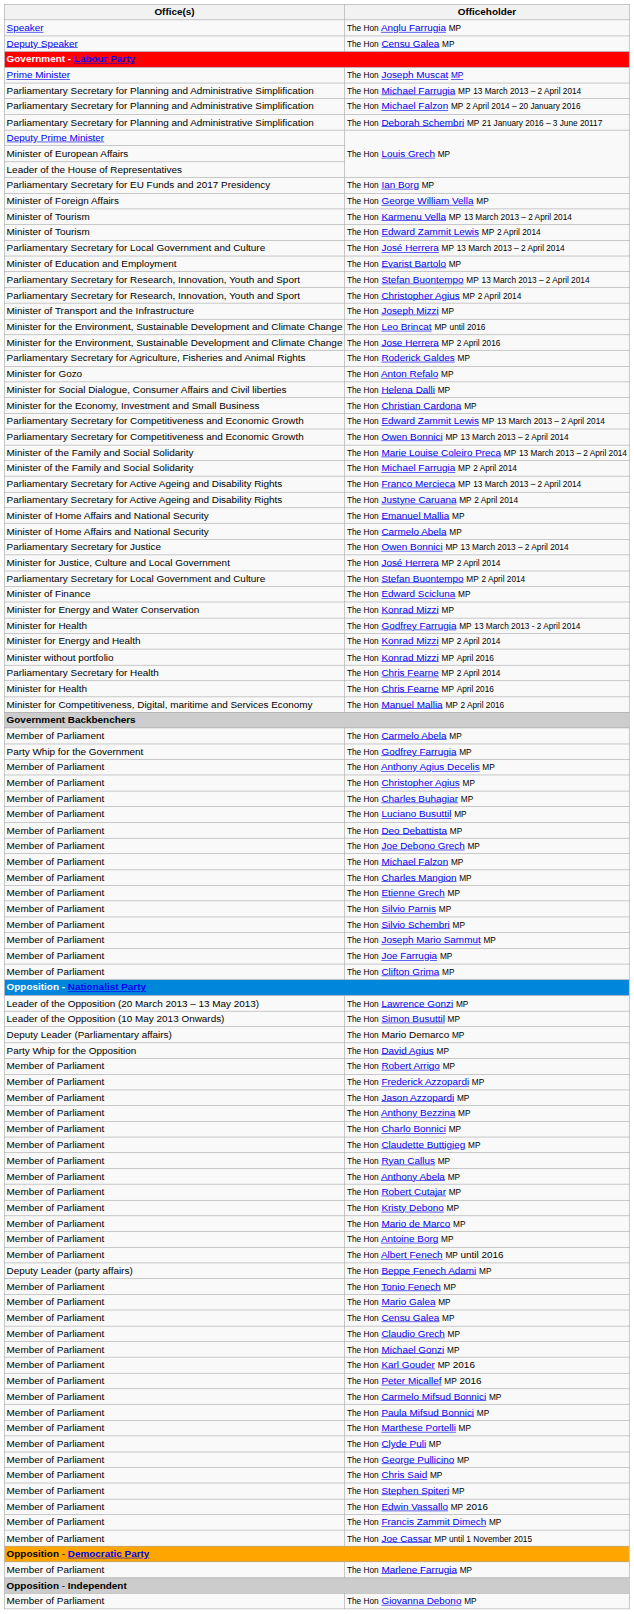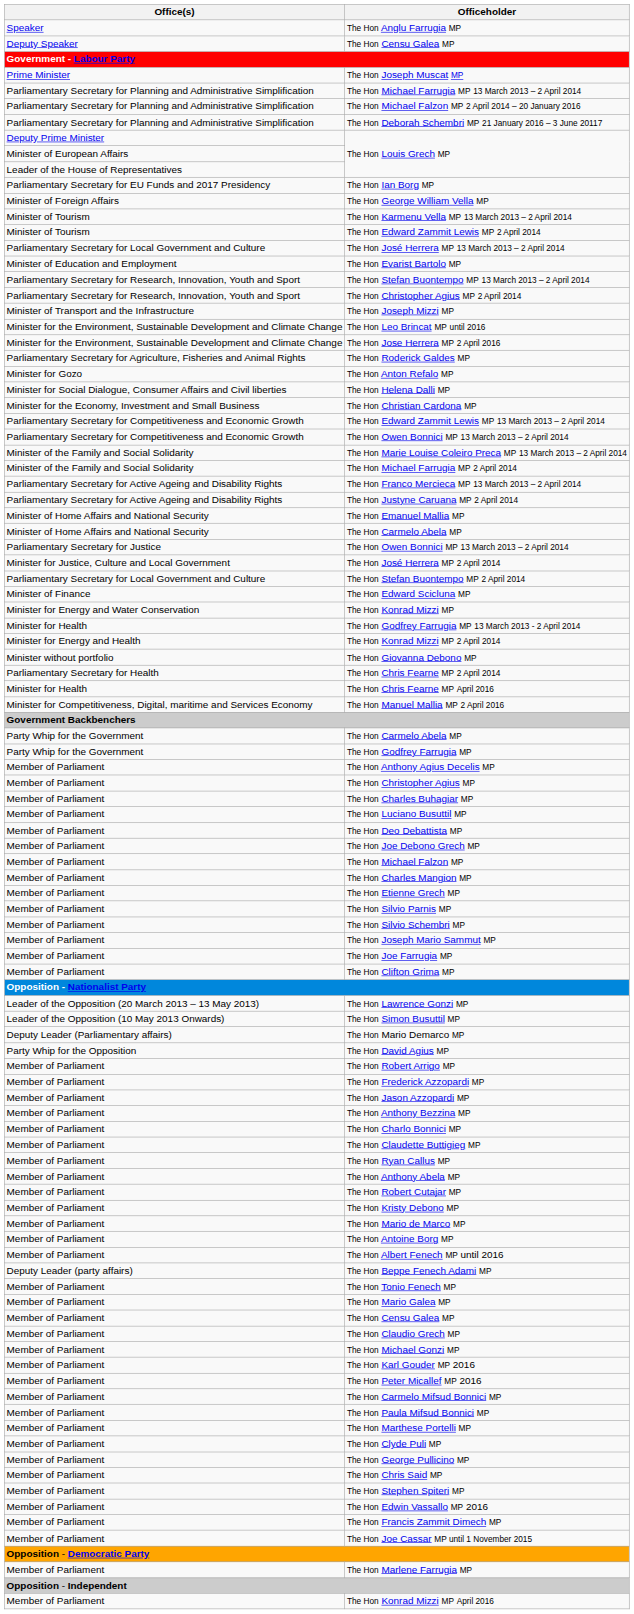 <table class="wikitable">
 <tr>
 <th>Office(s)</th>
 <th>Officeholder</th>
 </tr>
 <tr>
 <td><a href='#'>Speaker</a></td>
 <td><small>The Hon</small> <a href='#'>Anglu Farrugia</a> <small>MP</small></td>
 </tr>
 <tr>
 <td><a href='#'>Deputy Speaker</a></td>
 <td><small>The Hon</small> <a href='#'>Censu Galea</a> <small>MP</small></td>
 </tr>
 <tr>
 <td style="background:#f00; color:white;" colspan="2"><strong>Government - <a href='#'>Labour Party</a></strong></td>
 </tr>
 <tr>
 <td><a href='#'>Prime Minister</a></td>
 <td><small>The Hon</small>  <a href='#'>Joseph Muscat</a> <small><a href='#'>MP</a></small></td>
 </tr>
 <tr>
 <td>Parliamentary Secretary for Planning and Administrative Simplification</td>
 <td><small>The Hon</small> <a href='#'>Michael Farrugia</a> <small>MP</small> <small>13 March 2013 – 2 April 2014</small></td>
 </tr>
 <tr>
 <td>Parliamentary Secretary for Planning and Administrative Simplification</td>
 <td><small>The Hon</small> <a href='#'>Michael Falzon</a> <small>MP</small> <small>2 April 2014 – 20 January 2016</small></td>
 </tr>
 <tr>
 <td>Parliamentary Secretary for Planning and Administrative Simplification</td>
 <td><small>The Hon</small> <a href='#'>Deborah Schembri</a> <small>MP</small> <small>21 January 2016 – 3 June 20117 </small></td>
 </tr>
 <tr>
 <td><a href='#'>Deputy Prime Minister</a></td>
 <td rowspan="3"><small>The Hon</small> <a href='#'>Louis Grech</a> <small>MP</small></td>
 </tr>
 <tr>
 <td>Minister of European Affairs</td>
 </tr>
 <tr>
 <td>Leader of the House of Representatives</td>
 </tr>
 <tr>
 <td>Parliamentary Secretary for EU Funds and 2017 Presidency</td>
 <td><small>The Hon</small> <a href='#'>Ian Borg</a> <small>MP</small></td>
 </tr>
 <tr>
 <td>Minister of Foreign Affairs</td>
 <td><small>The Hon</small> <a href='#'>George William Vella</a> <small>MP</small></td>
 </tr>
 <tr>
 <td>Minister of Tourism</td>
 <td><small>The Hon</small> <a href='#'>Karmenu Vella</a> <small>MP</small> <small>13 March 2013 – 2 April 2014</small></td>
 </tr>
 <tr>
 <td>Minister of Tourism</td>
 <td><small>The Hon</small> <a href='#'>Edward Zammit Lewis</a> <small>MP</small> <small>2 April 2014</small></td>
 </tr>
 <tr>
 <td>Parliamentary Secretary for Local Government and Culture</td>
 <td><small>The Hon</small> <a href='#'>José Herrera</a> <small>MP</small> <small>13 March 2013 – 2 April 2014</small></td>
 </tr>
 <tr>
 <td>Minister of Education and Employment</td>
 <td><small>The Hon</small> <a href='#'>Evarist Bartolo</a> <small>MP</small></td>
 </tr>
 <tr>
 <td>Parliamentary Secretary for Research, Innovation, Youth and Sport</td>
 <td><small>The Hon</small> <a href='#'>Stefan Buontempo</a> <small>MP</small> <small>13 March 2013 – 2 April 2014</small></td>
 </tr>
 <tr>
 <td>Parliamentary Secretary for Research, Innovation, Youth and Sport</td>
 <td><small>The Hon</small> <a href='#'>Christopher Agius</a> <small>MP</small> <small>2 April 2014</small></td>
 </tr>
 <tr>
 <td>Minister of Transport and the Infrastructure</td>
 <td><small>The Hon</small> <a href='#'>Joseph Mizzi</a> <small>MP</small></td>
 </tr>
 <tr>
 <td>Minister for the Environment, Sustainable Development and Climate Change</td>
 <td><small>The Hon</small> <a href='#'>Leo Brincat</a> <small>MP</small> <small>until 2016</small></td>
 </tr>
 <tr>
 <td>Minister for the Environment, Sustainable Development and Climate Change</td>
 <td><small>The Hon</small> <a href='#'>Jose Herrera</a> <small>MP</small> <small>2 April 2016</small></td>
 </tr>
 <tr>
 <td>Parliamentary Secretary for Agriculture, Fisheries and Animal Rights</td>
 <td><small>The Hon</small> <a href='#'>Roderick Galdes</a> <small>MP</small></td>
 </tr>
 <tr>
 <td>Minister for Gozo</td>
 <td><small>The Hon</small> <a href='#'>Anton Refalo</a> <small>MP</small></td>
 </tr>
 <tr>
 <td>Minister for Social Dialogue, Consumer Affairs and Civil liberties</td>
 <td><small>The Hon</small> <a href='#'>Helena Dalli</a> <small>MP</small></td>
 </tr>
 <tr>
 <td>Minister for the Economy, Investment and Small Business</td>
 <td><small>The Hon</small> <a href='#'>Christian Cardona</a> <small>MP</small></td>
 </tr>
 <tr>
 <td>Parliamentary Secretary for Competitiveness and Economic Growth</td>
 <td><small>The Hon</small> <a href='#'>Edward Zammit Lewis</a> <small>MP</small> <small>13 March 2013 – 2 April 2014</small></td>
 </tr>
 <tr>
 <td>Parliamentary Secretary for Competitiveness and Economic Growth</td>
 <td><small>The Hon</small> <a href='#'>Owen Bonnici</a> <small>MP</small> <small>13 March 2013 – 2 April 2014</small></td>
 </tr>
 <tr>
 <td>Minister of the Family and Social Solidarity</td>
 <td><small>The Hon</small> <a href='#'>Marie Louise Coleiro Preca</a> <small>MP</small> <small>13 March 2013 – 2 April 2014</small></td>
 </tr>
 <tr>
 <td>Minister of the Family and Social Solidarity</td>
 <td><small>The Hon</small> <a href='#'>Michael Farrugia</a> <small>MP</small> <small>2 April 2014</small></td>
 </tr>
 <tr>
 <td>Parliamentary Secretary for Active Ageing and Disability Rights</td>
 <td><small>The Hon</small> <a href='#'>Franco Mercieca</a> <small>MP</small> <small>13 March 2013 – 2 April 2014</small></td>
 </tr>
 <tr>
 <td>Parliamentary Secretary for Active Ageing and Disability Rights</td>
 <td><small>The Hon</small> <a href='#'>Justyne Caruana</a> <small>MP</small> <small>2 April 2014</small></td>
 </tr>
 <tr>
 <td>Minister of Home Affairs and National Security</td>
 <td><small>The Hon</small> <a href='#'>Emanuel Mallia</a> <small>MP</small></td>
 </tr>
 <tr>
 <td>Minister of Home Affairs and National Security</td>
 <td><small>The Hon</small> <a href='#'>Carmelo Abela</a> <small>MP</small></td>
 </tr>
 <tr>
 <td>Parliamentary Secretary for Justice</td>
 <td><small>The Hon</small> <a href='#'>Owen Bonnici</a> <small>MP</small> <small>13 March 2013 – 2 April 2014</small></td>
 </tr>
 <tr>
 <td>Minister for Justice, Culture and Local Government</td>
 <td><small>The Hon</small> <a href='#'>José Herrera</a> <small>MP</small> <small>2 April 2014</small></td>
 </tr>
 <tr>
 <td>Parliamentary Secretary for Local Government and Culture</td>
 <td><small>The Hon</small> <a href='#'>Stefan Buontempo</a> <small>MP</small> <small>2 April 2014</small></td>
 </tr>
 <tr>
 <td>Minister of Finance</td>
 <td><small>The Hon</small> <a href='#'>Edward Scicluna</a> <small>MP</small></td>
 </tr>
 <tr>
 <td>Minister for Energy and Water Conservation</td>
 <td><small>The Hon</small> <a href='#'>Konrad Mizzi</a> <small>MP</small></td>
 </tr>
 <tr>
 <td>Minister for Health</td>
 <td><small>The Hon</small> <a href='#'>Godfrey Farrugia</a> <small>MP</small> <small>13 March 2013 - 2 April 2014</small></td>
 </tr>
 <tr>
 <td>Minister for Energy and Health</td>
 <td><small>The Hon</small> <a href='#'>Konrad Mizzi</a> <small>MP</small> <small>2 April 2014</small></td>
 </tr>
 <tr>
 <td>Minister without portfolio</td>
-<td><small>The Hon</small> <a href='#'>Konrad Mizzi</a> <small>MP</small> <small>April 2016</small></td>
+<td><small>The Hon</small> <a href='#'>Giovanna Debono</a> <small>MP</small></td>
 </tr>
 <tr>
 <td>Parliamentary Secretary for Health</td>
 <td><small>The Hon</small> <a href='#'>Chris Fearne</a> <small>MP</small> <small>2 April 2014</small></td>
 </tr>
 <tr>
 <td>Minister for Health</td>
 <td><small>The Hon</small> <a href='#'>Chris Fearne</a> <small>MP</small> <small>April 2016</small></td>
 </tr>
 <tr>
 <td>Minister for Competitiveness, Digital, maritime and Services Economy</td>
 <td><small>The Hon</small> <a href='#'>Manuel Mallia</a> <small>MP</small> <small>2 April 2016</small></td>
 </tr>
 <tr>
 <td style="background:#ccc;" colspan="2"><strong>Government Backbenchers</strong></td>
 </tr>
 <tr>
-<td>Member of Parliament</td>
+<td>Party Whip for the Government</td>
 <td><small>The Hon</small> <a href='#'>Carmelo Abela</a> <small>MP</small></td>
 </tr>
 <tr>
 <td>Party Whip for the Government</td>
 <td><small>The Hon</small> <a href='#'>Godfrey Farrugia</a> <small>MP</small></td>
 </tr>
 <tr>
 <td>Member of Parliament</td>
 <td><small>The Hon</small> <a href='#'>Anthony Agius Decelis</a> <small>MP</small></td>
 </tr>
 <tr>
 <td>Member of Parliament</td>
 <td><small>The Hon</small> <a href='#'>Christopher Agius</a> <small>MP</small></td>
 </tr>
 <tr>
 <td>Member of Parliament</td>
 <td><small>The Hon</small> <a href='#'>Charles Buhagiar</a> <small>MP</small></td>
 </tr>
 <tr>
 <td>Member of Parliament</td>
 <td><small>The Hon</small> <a href='#'>Luciano Busuttil</a> <small>MP</small></td>
 </tr>
 <tr>
 <td>Member of Parliament</td>
 <td><small>The Hon</small> <a href='#'>Deo Debattista</a> <small>MP</small></td>
 </tr>
 <tr>
 <td>Member of Parliament</td>
 <td><small>The Hon</small> <a href='#'>Joe Debono Grech</a> <small>MP</small></td>
 </tr>
 <tr>
 <td>Member of Parliament</td>
 <td><small>The Hon</small> <a href='#'>Michael Falzon</a> <small>MP</small></td>
 </tr>
 <tr>
 <td>Member of Parliament</td>
 <td><small>The Hon</small> <a href='#'>Charles Mangion</a> <small>MP</small></td>
 </tr>
 <tr>
 <td>Member of Parliament</td>
 <td><small>The Hon</small> <a href='#'>Etienne Grech</a> <small>MP</small></td>
 </tr>
 <tr>
 <td>Member of Parliament</td>
 <td><small>The Hon</small> <a href='#'>Silvio Parnis</a> <small>MP</small></td>
 </tr>
 <tr>
 <td>Member of Parliament</td>
 <td><small>The Hon</small> <a href='#'>Silvio Schembri</a> <small>MP</small></td>
 </tr>
 <tr>
 <td>Member of Parliament</td>
 <td><small>The Hon</small> <a href='#'>Joseph Mario Sammut</a> <small>MP</small></td>
 </tr>
 <tr>
 <td>Member of Parliament</td>
 <td><small>The Hon</small> <a href='#'>Joe Farrugia</a> <small>MP</small></td>
 </tr>
 <tr>
 <td>Member of Parliament</td>
 <td><small>The Hon</small> <a href='#'>Clifton Grima</a> <small>MP</small></td>
 </tr>
 <tr>
 <td style="background: #0087DC; color: white" colspan="2"><strong>Opposition - <a href='#'>Nationalist Party</a></strong></td>
 </tr>
 <tr>
 <td>Leader of the Opposition (20 March 2013 – 13 May 2013)</td>
 <td><small>The Hon</small> <a href='#'>Lawrence Gonzi</a> <small>MP</small></td>
 </tr>
 <tr>
 <td>Leader of the Opposition (10 May 2013 Onwards)</td>
 <td><small>The Hon</small> <a href='#'>Simon Busuttil</a> <small>MP</small></td>
 </tr>
 <tr>
 <td>Deputy Leader (Parliamentary affairs)</td>
 <td><small>The Hon</small> Mario Demarco <small>MP</small></td>
 </tr>
 <tr>
 <td>Party Whip for the Opposition</td>
 <td><small>The Hon</small> <a href='#'>David Agius</a> <small>MP</small></td>
 </tr>
 <tr>
 <td>Member of Parliament</td>
 <td><small>The Hon</small> <a href='#'>Robert Arrigo</a> <small>MP</small></td>
 </tr>
 <tr>
 <td>Member of Parliament</td>
 <td><small>The Hon</small> <a href='#'>Frederick Azzopardi</a> <small>MP</small></td>
 </tr>
 <tr>
 <td>Member of Parliament</td>
 <td><small>The Hon</small> <a href='#'>Jason Azzopardi</a> <small>MP</small></td>
 </tr>
 <tr>
 <td>Member of Parliament</td>
 <td><small>The Hon</small> <a href='#'>Anthony Bezzina</a> <small>MP</small></td>
 </tr>
 <tr>
 <td>Member of Parliament</td>
 <td><small>The Hon</small> <a href='#'>Charlo Bonnici</a> <small>MP</small></td>
 </tr>
 <tr>
 <td>Member of Parliament</td>
 <td><small>The Hon</small> <a href='#'>Claudette Buttigieg</a> <small>MP</small></td>
 </tr>
 <tr>
 <td>Member of Parliament</td>
 <td><small>The Hon</small> <a href='#'>Ryan Callus</a> <small>MP</small></td>
 </tr>
 <tr>
 <td>Member of Parliament</td>
 <td><small>The Hon</small> <a href='#'>Anthony Abela</a> <small>MP</small></td>
 </tr>
 <tr>
 <td>Member of Parliament</td>
 <td><small>The Hon</small> <a href='#'>Robert Cutajar</a> <small>MP</small></td>
 </tr>
 <tr>
 <td>Member of Parliament</td>
 <td><small>The Hon</small> <a href='#'>Kristy Debono</a> <small>MP</small></td>
 </tr>
 <tr>
 <td>Member of Parliament</td>
 <td><small>The Hon</small> <a href='#'>Mario de Marco</a> <small>MP</small></td>
 </tr>
 <tr>
 <td>Member of Parliament</td>
 <td><small>The Hon</small> <a href='#'>Antoine Borg</a> <small>MP</small></td>
 </tr>
 <tr>
 <td>Member of Parliament</td>
 <td><small>The Hon</small> <a href='#'>Albert Fenech</a> <small>MP</small> until 2016</td>
 </tr>
 <tr>
 <td>Deputy Leader (party affairs)</td>
 <td><small>The Hon</small> <a href='#'>Beppe Fenech Adami</a> <small>MP</small></td>
 </tr>
 <tr>
 <td>Member of Parliament</td>
 <td><small>The Hon</small> <a href='#'>Tonio Fenech</a> <small>MP</small></td>
 </tr>
 <tr>
 <td>Member of Parliament</td>
 <td><small>The Hon</small> <a href='#'>Mario Galea</a> <small>MP</small></td>
 </tr>
 <tr>
 <td>Member of Parliament</td>
 <td><small>The Hon</small> <a href='#'>Censu Galea</a> <small>MP</small></td>
 </tr>
 <tr>
 <td>Member of Parliament</td>
 <td><small>The Hon</small> <a href='#'>Claudio Grech</a> <small>MP</small></td>
 </tr>
 <tr>
 <td>Member of Parliament</td>
 <td><small>The Hon</small> <a href='#'>Michael Gonzi</a> <small>MP</small></td>
 </tr>
 <tr>
 <td>Member of Parliament</td>
 <td><small>The Hon</small> <a href='#'>Karl Gouder</a> <small>MP</small> 2016</td>
 </tr>
 <tr>
 <td>Member of Parliament</td>
 <td><small>The Hon</small> <a href='#'>Peter Micallef</a> <small>MP</small> 2016</td>
 </tr>
 <tr>
 <td>Member of Parliament</td>
 <td><small>The Hon</small> <a href='#'>Carmelo Mifsud Bonnici</a> <small>MP</small></td>
 </tr>
 <tr>
 <td>Member of Parliament</td>
 <td><small>The Hon</small> <a href='#'>Paula Mifsud Bonnici</a> <small>MP</small></td>
 </tr>
 <tr>
 <td>Member of Parliament</td>
 <td><small>The Hon</small> <a href='#'>Marthese Portelli</a> <small>MP</small></td>
 </tr>
 <tr>
 <td>Member of Parliament</td>
 <td><small>The Hon</small> <a href='#'>Clyde Puli</a> <small>MP</small></td>
 </tr>
 <tr>
 <td>Member of Parliament</td>
 <td><small>The Hon</small> <a href='#'>George Pullicino</a> <small>MP</small></td>
 </tr>
 <tr>
 <td>Member of Parliament</td>
 <td><small>The Hon</small> <a href='#'>Chris Said</a> <small>MP</small></td>
 </tr>
 <tr>
 <td>Member of Parliament</td>
 <td><small>The Hon</small> <a href='#'>Stephen Spiteri</a> <small>MP</small></td>
 </tr>
 <tr>
 <td>Member of Parliament</td>
 <td><small>The Hon</small> <a href='#'>Edwin Vassallo</a> <small>MP</small> 2016</td>
 </tr>
 <tr>
 <td>Member of Parliament</td>
 <td><small>The Hon</small> <a href='#'>Francis Zammit Dimech</a> <small>MP</small></td>
 </tr>
 <tr>
 <td>Member of Parliament</td>
 <td><small>The Hon</small> <a href='#'>Joe Cassar</a> <small>MP until 1 November 2015</small></td>
 </tr>
 <tr>
 <td style="background:orange;" colspan="2"><strong>Opposition</strong> - <strong><a href='#'>Democratic Party</a></strong></td>
 </tr>
 <tr>
 <td>Member of Parliament</td>
 <td><small>The Hon</small> <a href='#'>Marlene Farrugia</a> <small>MP</small></td>
 </tr>
 <tr>
 <td style="background:#ccc;" colspan="2"><strong>Opposition</strong> - <strong>Independent</strong></td>
 </tr>
 <tr>
 <td>Member of Parliament</td>
-<td><small>The Hon</small> <a href='#'>Giovanna Debono</a> <small>MP</small></td>
+<td><small>The Hon</small> <a href='#'>Konrad Mizzi</a> <small>MP</small> <small>April 2016</small></td>
 </tr>
 </table>
